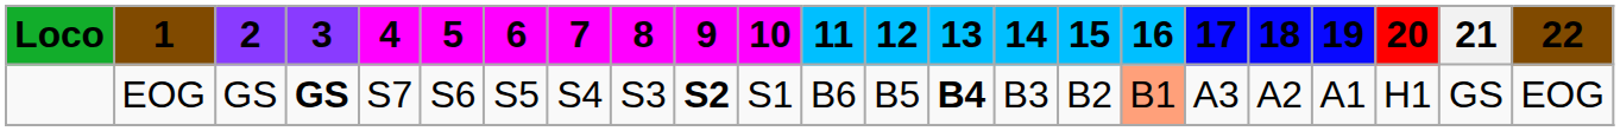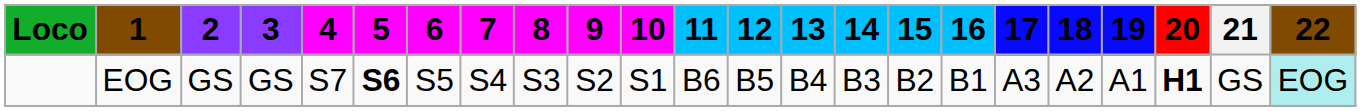 <table class="wikitable plainrowheaders unsortable" style="text-align:center">
 <tr>
 <th scope="col" rowspan="1" style="background:#12ad2b;"><span>Loco</span></th>
 <th scope="col" rowspan="1" style="background:#804a00;"><span>1</span></th>
 <th rowspan="1" scope="col" style="background:#893bff;">2</th>
 <th rowspan="1" scope="col" style="background:#893bff;">3</th>
 <th rowspan="1" scope="col" style="background:#ff00ff;">4</th>
 <th rowspan="1" scope="col" style="background:#ff00ff;">5</th>
 <th rowspan="1" scope="col" style="background:#ff00ff;">6</th>
 <th rowspan="1" scope="col" style="background:#ff00ff;">7</th>
 <th rowspan="1" scope="col" style="background:#ff00ff;">8</th>
 <th rowspan="1" scope="col" style="background:#ff00ff;">9</th>
 <th rowspan="1" scope="col" style="background:#ff00ff;">10</th>
 <th rowspan="1" scope="col" style="background:#00bfff;">11</th>
 <th rowspan="1" scope="col" style="background:#00bfff;">12</th>
 <th rowspan="1" scope="col" style="background:#00bfff;">13</th>
 <th rowspan="1" scope="col" style="background:#00bfff;">14</th>
 <th rowspan="1" scope="col" style="background:#00bfff;">15</th>
 <th rowspan="1" scope="col" style="background:#00bfff;">16</th>
 <th rowspan="1" scope="col" style="background:#0909ff;"><span>17</span></th>
 <th rowspan="1" scope="col" style="background:#0909ff;"><span>18</span></th>
 <th rowspan="1" scope="col" style="background:#0909ff;">19</th>
 <th rowspan="1" scope="col" style="background:#ff0000;"><span>20</span></th>
 <th>21</th>
 <th rowspan="1" scope="col" style="background:#804a00;"><span>22</span></th>
 </tr>
 <tr>
 <td></td>
 <td>EOG</td>
 <td>GS</td>
-<td><strong>GS</strong></td>
+<td>GS</td>
 <td>S7</td>
-<td>S6</td>
+<td><strong>S6</strong></td>
 <td>S5</td>
 <td>S4</td>
 <td>S3</td>
-<td><strong>S2</strong></td>
+<td>S2</td>
 <td>S1</td>
 <td>B6</td>
 <td>B5</td>
-<td><strong>B4</strong></td>
+<td>B4</td>
 <td>B3</td>
 <td>B2</td>
-<td style="background: lightsalmon;">B1</td>
+<td>B1</td>
 <td>A3</td>
 <td>A2</td>
 <td>A1</td>
-<td>H1</td>
+<td><strong>H1</strong></td>
 <td>GS</td>
-<td>EOG</td>
+<td style="background: paleturquoise;">EOG</td>
 </tr>
 <tr>
 </tr>
 </table>
